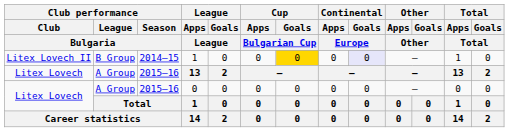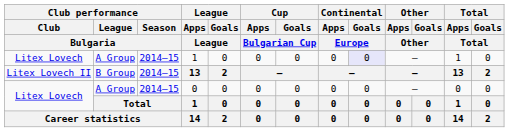 <table class="wikitable" style="text-align: center">
 <tr>
 <th Colspan="3">Club performance</th>
 <th Colspan="2">League</th>
 <th Colspan="2">Cup</th>
 <th Colspan="2">Continental</th>
 <th Colspan="2">Other</th>
 <th Colspan="3">Total</th>
 </tr>
 <tr>
 <th>Club</th>
 <th>League</th>
 <th>Season</th>
 <th>Apps</th>
 <th>Goals</th>
 <th>Apps</th>
 <th>Goals</th>
 <th>Apps</th>
 <th>Goals</th>
 <th>Apps</th>
 <th>Goals</th>
 <th>Apps</th>
 <th>Goals</th>
 </tr>
 <tr>
 <th Colspan="3">Bulgaria</th>
 <th Colspan="2">League</th>
 <th Colspan="2"><a href='#'>Bulgarian Cup</a></th>
 <th Colspan="2"><a href='#'>Europe</a></th>
 <th Colspan="2">Other</th>
 <th Colspan="2">Total</th>
 </tr>
 <tr>
-<td rowspan="1" valign="center"><a href='#'>Litex Lovech II</a></td>
-<td rowspan="1"><a href='#'>B Group</a></td>
+<td rowspan="1" valign="center"><a href='#'>Litex Lovech</a></td>
+<td rowspan="1"><a href='#'>A Group</a></td>
 <td><a href='#'>2014–15</a></td>
 <td>1</td>
 <td>0</td>
 <td>0</td>
-<td style="background: gold;">0</td>
+<td>0</td>
 <td>0</td>
 <td style="background: lavender;">0</td>
 <td colspan="2">–</td>
 <td>1</td>
 <td>0</td>
 </tr>
 <tr>
-<td rowspan="1" valign="center"><a href='#'>Litex Lovech</a></td>
-<td rowspan="1"><a href='#'>A Group</a></td>
-<td><a href='#'>2015–16</a></td>
+<td rowspan="1" valign="center"><a href='#'>Litex Lovech II</a></td>
+<td rowspan="1"><a href='#'>B Group</a></td>
+<td><a href='#'>2014–15</a></td>
 <th>13</th>
 <th>2</th>
 <th colspan="2">–</th>
 <th colspan="2">–</th>
 <th colspan="2">–</th>
 <th>13</th>
 <th>2</th>
 </tr>
 <tr>
 <td rowspan="2" valign="center"><a href='#'>Litex Lovech</a></td>
 <td rowspan="1"><a href='#'>A Group</a></td>
-<td><a href='#'>2015–16</a></td>
+<td><a href='#'>2014–15</a></td>
 <td>0</td>
 <td>0</td>
 <td>0</td>
 <td>0</td>
 <td>0</td>
 <td>0</td>
 <td colspan="2">–</td>
 <td>0</td>
 <td>0</td>
 </tr>
 <tr>
 <th colspan=2>Total</th>
 <th>1</th>
 <th>0</th>
 <th>0</th>
 <th>0</th>
 <th>0</th>
 <th>0</th>
 <th>0</th>
 <th>0</th>
 <th>1</th>
 <th>0</th>
 </tr>
 <tr>
 <th colspan="3">Career statistics</th>
 <th>14</th>
 <th>2</th>
 <th>0</th>
 <th>0</th>
 <th>0</th>
 <th>0</th>
 <th>0</th>
 <th>0</th>
 <th>14</th>
 <th>2</th>
 </tr>
 </table>
